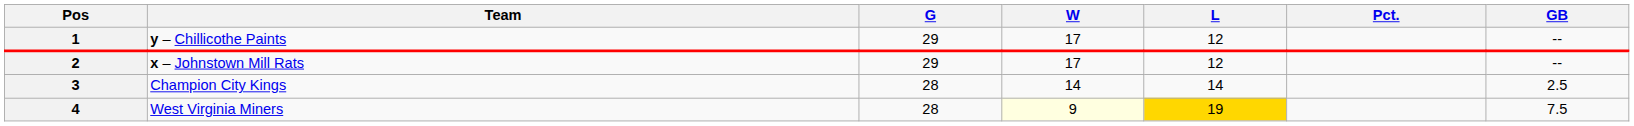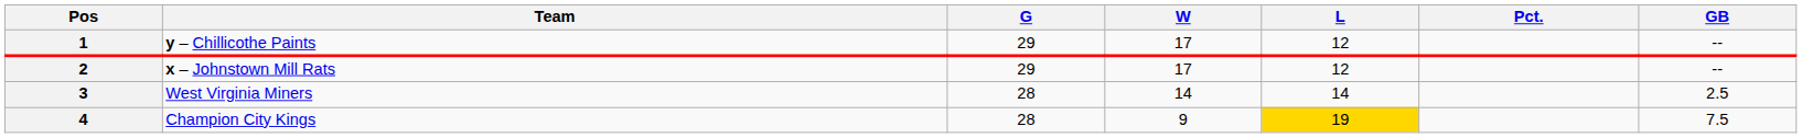 <table class="wikitable plainrowheaders" width="90%" style="text-align:center;">
 <tr>
 <th scope="col" width="5%">Pos</th>
 <th scope="col" width="25%">Team</th>
 <th scope="col" width="5%"><a href='#'>G</a></th>
 <th scope="col" width="5%"><a href='#'>W</a></th>
 <th scope="col" width="5%"><a href='#'>L</a></th>
 <th scope="col" width="7%"><a href='#'>Pct.</a></th>
 <th scope="col" width="5%"><a href='#'>GB</a></th>
 </tr>
 <tr>
 <th>1</th>
 <td style="text-align:left;"><strong>y</strong> – <a href='#'>Chillicothe Paints</a></td>
 <td>29</td>
 <td>17</td>
 <td>12</td>
 <td></td>
 <td>--</td>
 </tr>
 <tr>
 </tr>
 <tr |- style="border-top:3px solid red;">
 <th>2</th>
 <td style="text-align:left;"><strong>x</strong> – <a href='#'>Johnstown Mill Rats</a></td>
 <td>29</td>
 <td>17</td>
 <td>12</td>
 <td></td>
 <td>--</td>
 </tr>
 <tr>
 <th>3</th>
-<td style="text-align:left;"><a href='#'>Champion City Kings</a></td>
+<td style="text-align:left;"><a href='#'>West Virginia Miners</a></td>
 <td>28</td>
 <td>14</td>
 <td>14</td>
 <td></td>
 <td>2.5</td>
 </tr>
 <tr>
 <th>4</th>
-<td style="text-align:left;"><a href='#'>West Virginia Miners</a></td>
+<td style="text-align:left;"><a href='#'>Champion City Kings</a></td>
 <td>28</td>
-<td style="background: lightyellow;">9</td>
+<td>9</td>
 <td style="background: gold;">19</td>
 <td></td>
 <td>7.5</td>
 </tr>
 </table>
